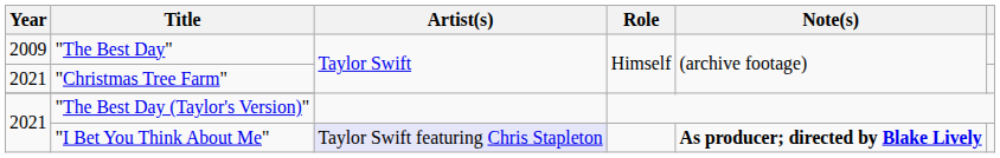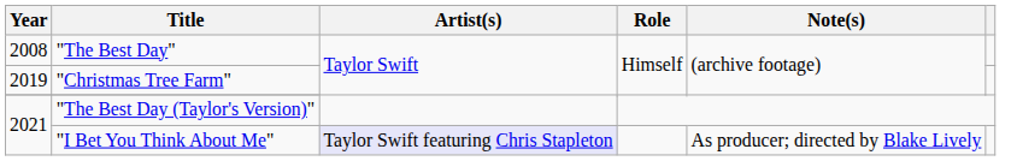 <table class="wikitable sortable">
 <tr>
 <th>Year</th>
 <th>Title</th>
 <th>Artist(s)</th>
 <th>Role</th>
 <th>Note(s)</th>
 <th scope="col"></th>
 </tr>
 <tr>
-<td>2009</td>
+<td>2008</td>
 <td>"<a href='#'>The Best Day</a>"</td>
 <td rowspan="3"><a href='#'>Taylor Swift</a></td>
 <td rowspan="3">Himself</td>
 <td rowspan="3">(archive footage)</td>
 <td style="text-align:center"></td>
 </tr>
 <tr>
-<td>2021</td>
+<td>2019</td>
 <td>"<a href='#'>Christmas Tree Farm</a>"</td>
 <td style="text-align:center"></td>
 </tr>
 <tr>
 </tr>
 <tr>
 <td rowspan="2">2021</td>
 <td>"<a href='#'>The Best Day (Taylor's Version)</a>"</td>
 <td style="text-align:center"></td>
 </tr>
 <tr>
 <td>"<a href='#'>I Bet You Think About Me</a>"</td>
 <td style="background: lavender;">Taylor Swift featuring <a href='#'>Chris Stapleton</a></td>
 <td></td>
-<td><strong>As producer; directed by <a href='#'>Blake Lively</a></strong></td>
+<td>As producer; directed by <a href='#'>Blake Lively</a></td>
 <td style="text-align:center"></td>
 </tr>
 </table>
